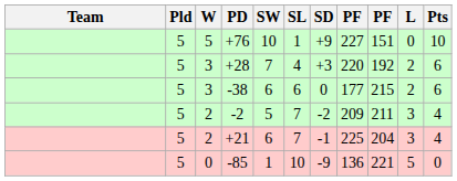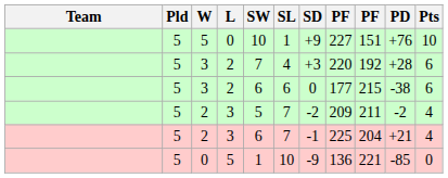 <table class=wikitable style="text-align:center">
 <tr>
 <th width=160>Team</th>
 <th width=20>Pld</th>
 <th width=20>W</th>
-<th width=20>PD</th>
+<th width=20>L</th>
 <th width=20>SW</th>
 <th width=20>SL</th>
 <th width=20>SD</th>
 <th width=20>PF</th>
 <th width=20>PF</th>
-<th width=20>L</th>
+<th width=20>PD</th>
 <th width=20>Pts</th>
 </tr>
 <tr bgcolor="ccffcc">
 <td align=left></td>
 <td>5</td>
 <td>5</td>
-<td>+76</td>
+<td>0</td>
 <td>10</td>
 <td>1</td>
 <td>+9</td>
 <td>227</td>
 <td>151</td>
-<td>0</td>
+<td>+76</td>
 <td>10</td>
 </tr>
 <tr bgcolor="ccffcc">
 <td align=left></td>
 <td>5</td>
 <td>3</td>
-<td>+28</td>
+<td>2</td>
 <td>7</td>
 <td>4</td>
 <td>+3</td>
 <td>220</td>
 <td>192</td>
-<td>2</td>
+<td>+28</td>
 <td>6</td>
 </tr>
 <tr bgcolor="ccffcc">
 <td align=left></td>
 <td>5</td>
 <td>3</td>
-<td>-38</td>
+<td>2</td>
 <td>6</td>
 <td>6</td>
 <td>0</td>
 <td>177</td>
 <td>215</td>
-<td>2</td>
+<td>-38</td>
 <td>6</td>
 </tr>
 <tr bgcolor="ccffcc">
 <td align=left></td>
 <td>5</td>
 <td>2</td>
-<td>-2</td>
+<td>3</td>
 <td>5</td>
 <td>7</td>
 <td>-2</td>
 <td>209</td>
 <td>211</td>
-<td>3</td>
+<td>-2</td>
 <td>4</td>
 </tr>
 <tr bgcolor="ffcccc">
 <td align=left></td>
 <td>5</td>
 <td>2</td>
-<td>+21</td>
+<td>3</td>
 <td>6</td>
 <td>7</td>
 <td>-1</td>
 <td>225</td>
 <td>204</td>
-<td>3</td>
+<td>+21</td>
 <td>4</td>
 </tr>
 <tr bgcolor="ffcccc">
 <td align=left></td>
 <td>5</td>
 <td>0</td>
-<td>-85</td>
+<td>5</td>
 <td>1</td>
 <td>10</td>
 <td>-9</td>
 <td>136</td>
 <td>221</td>
-<td>5</td>
+<td>-85</td>
 <td>0</td>
 </tr>
 </table>
